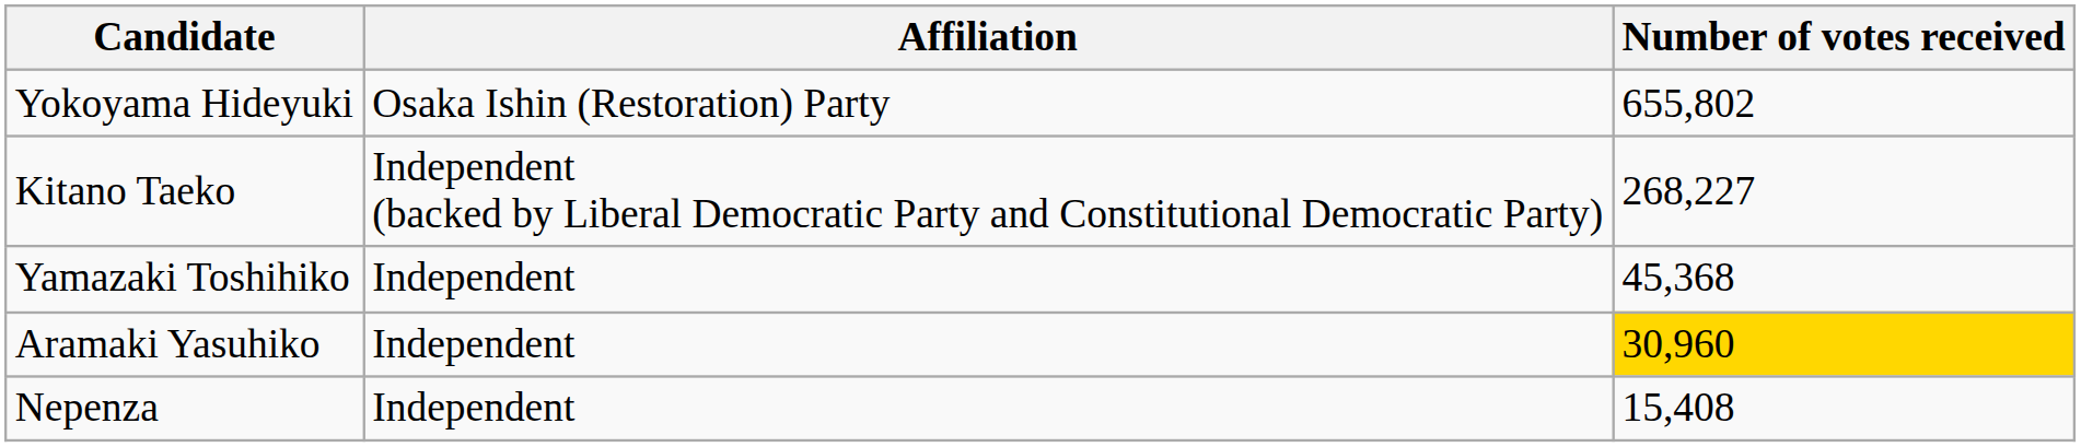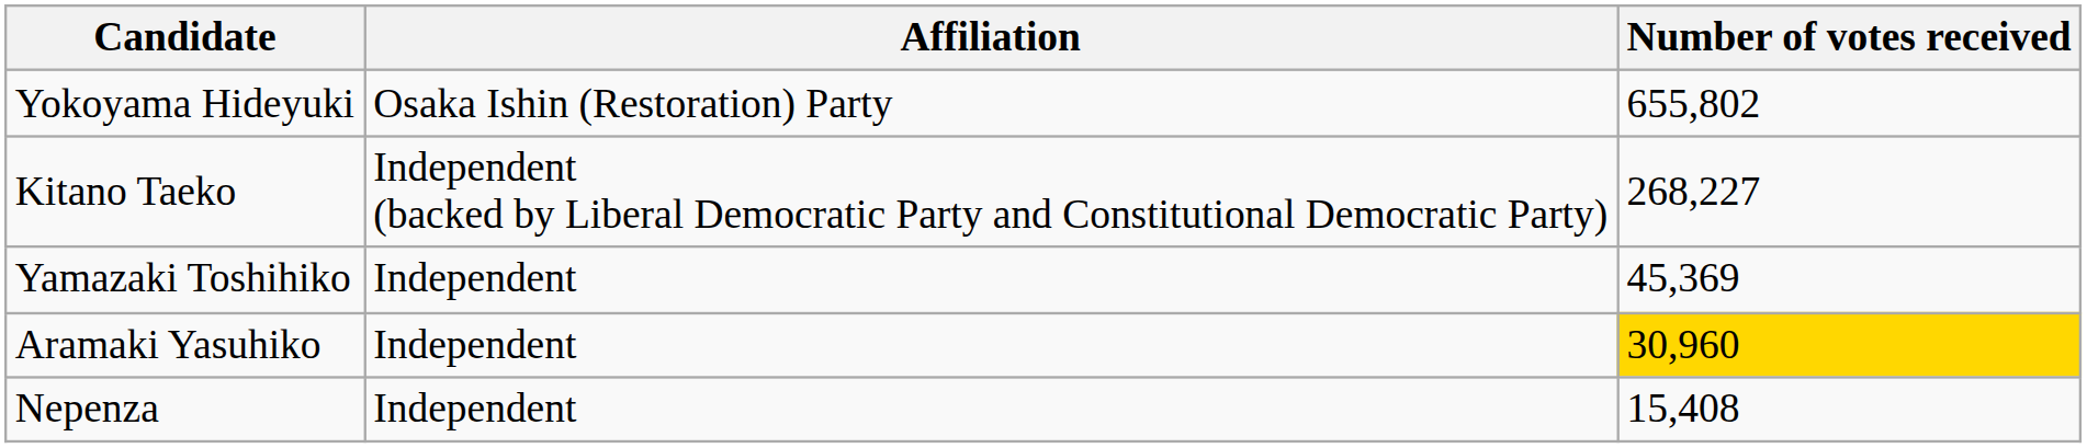 <table class="wikitable">
 <tr>
 <th>Candidate</th>
 <th>Affiliation</th>
 <th>Number of votes received</th>
 </tr>
 <tr>
 <td>Yokoyama Hideyuki</td>
 <td>Osaka Ishin (Restoration) Party</td>
 <td>655,802</td>
 </tr>
 <tr>
 <td>Kitano Taeko</td>
 <td>Independent<br>(backed by Liberal Democratic Party and  Constitutional Democratic Party)</td>
 <td>268,227</td>
 </tr>
 <tr>
 <td>Yamazaki Toshihiko</td>
 <td>Independent</td>
-<td>45,368</td>
+<td>45,369</td>
 </tr>
 <tr>
 <td>Aramaki Yasuhiko</td>
 <td>Independent</td>
 <td style="background: gold;">30,960</td>
 </tr>
 <tr>
 <td>Nepenza</td>
 <td>Independent</td>
 <td>15,408</td>
 </tr>
 </table>
